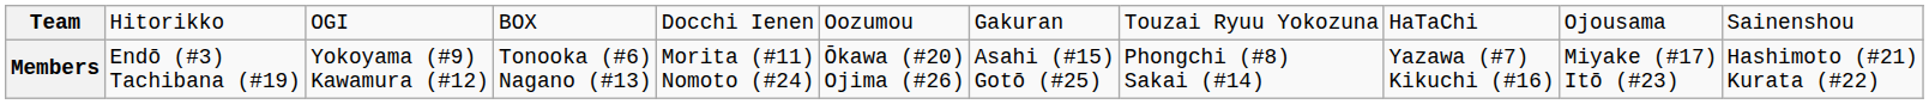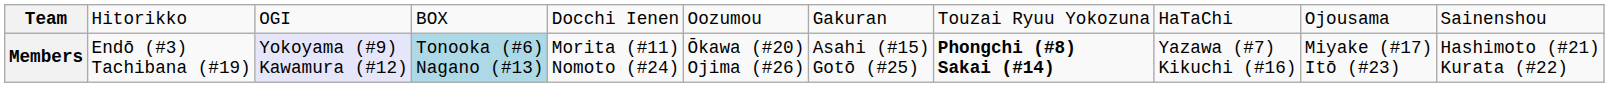 <table class="wikitable">
 <tr>
 <th>Team</th>
 <td>Hitorikko</td>
 <td>OGI</td>
 <td>BOX</td>
 <td>Docchi Ienen</td>
 <td>Oozumou</td>
 <td>Gakuran</td>
 <td>Touzai Ryuu Yokozuna</td>
 <td>HaTaChi</td>
 <td>Ojousama</td>
 <td>Sainenshou</td>
 </tr>
 <tr>
 <th>Members</th>
 <td>Endō (#3) <br>Tachibana (#19)</td>
-<td>Yokoyama (#9) <br>Kawamura (#12)</td>
-<td>Tonooka (#6) <br>Nagano (#13)</td>
+<td style="background: lavender;">Yokoyama (#9) <br>Kawamura (#12)</td>
+<td style="background: lightblue;">Tonooka (#6) <br>Nagano (#13)</td>
 <td>Morita (#11) <br>Nomoto (#24)</td>
 <td>Ōkawa (#20) <br>Ojima (#26)</td>
 <td>Asahi (#15) <br>Gotō (#25)</td>
-<td>Phongchi (#8) <br>Sakai (#14)</td>
+<td><strong>Phongchi (#8) <br>Sakai (#14)</strong></td>
 <td>Yazawa (#7) <br>Kikuchi (#16)</td>
 <td>Miyake (#17) <br>Itō (#23)</td>
 <td>Hashimoto (#21) <br>Kurata (#22)</td>
 </tr>
 </table>
